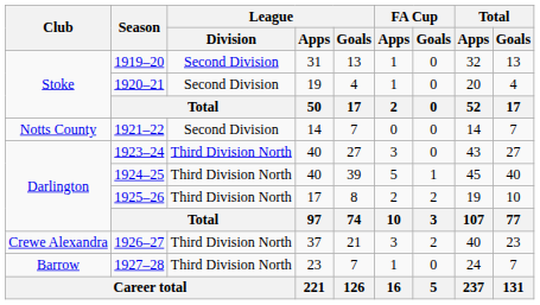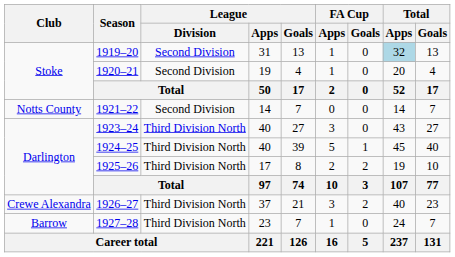 <table class="wikitable" style="text-align: center;">
 <tr>
 <th rowspan="2">Club</th>
 <th rowspan="2">Season</th>
 <th colspan="3">League</th>
 <th colspan="2">FA Cup</th>
 <th colspan="2">Total</th>
 </tr>
 <tr>
 <th>Division</th>
 <th>Apps</th>
 <th>Goals</th>
 <th>Apps</th>
 <th>Goals</th>
 <th>Apps</th>
 <th>Goals</th>
 </tr>
 <tr>
 <td rowspan="3"><a href='#'>Stoke</a></td>
 <td><a href='#'>1919–20</a></td>
 <td><a href='#'>Second Division</a></td>
 <td>31</td>
 <td>13</td>
 <td>1</td>
 <td>0</td>
-<td>32</td>
+<td style="background: lightblue;">32</td>
 <td>13</td>
 </tr>
 <tr>
 <td><a href='#'>1920–21</a></td>
 <td>Second Division</td>
 <td>19</td>
 <td>4</td>
 <td>1</td>
 <td>0</td>
 <td>20</td>
 <td>4</td>
 </tr>
 <tr>
 <th colspan="2">Total</th>
 <th>50</th>
 <th>17</th>
 <th>2</th>
 <th>0</th>
 <th>52</th>
 <th>17</th>
 </tr>
 <tr>
 <td><a href='#'>Notts County</a></td>
 <td><a href='#'>1921–22</a></td>
 <td>Second Division</td>
 <td>14</td>
 <td>7</td>
 <td>0</td>
 <td>0</td>
 <td>14</td>
 <td>7</td>
 </tr>
 <tr>
 <td rowspan="4"><a href='#'>Darlington</a></td>
 <td><a href='#'>1923–24</a></td>
 <td><a href='#'>Third Division North</a></td>
 <td>40</td>
 <td>27</td>
 <td>3</td>
 <td>0</td>
 <td>43</td>
 <td>27</td>
 </tr>
 <tr>
 <td><a href='#'>1924–25</a></td>
 <td>Third Division North</td>
 <td>40</td>
 <td>39</td>
 <td>5</td>
 <td>1</td>
 <td>45</td>
 <td>40</td>
 </tr>
 <tr>
 <td><a href='#'>1925–26</a></td>
 <td>Third Division North</td>
 <td>17</td>
 <td>8</td>
 <td>2</td>
 <td>2</td>
 <td>19</td>
 <td>10</td>
 </tr>
 <tr>
 <th colspan="2">Total</th>
 <th>97</th>
 <th>74</th>
 <th>10</th>
 <th>3</th>
 <th>107</th>
 <th>77</th>
 </tr>
 <tr>
 <td><a href='#'>Crewe Alexandra</a></td>
 <td><a href='#'>1926–27</a></td>
 <td>Third Division North</td>
 <td>37</td>
 <td>21</td>
 <td>3</td>
 <td>2</td>
 <td>40</td>
 <td>23</td>
 </tr>
 <tr>
 <td><a href='#'>Barrow</a></td>
 <td><a href='#'>1927–28</a></td>
 <td>Third Division North</td>
 <td>23</td>
 <td>7</td>
 <td>1</td>
 <td>0</td>
 <td>24</td>
 <td>7</td>
 </tr>
 <tr>
 <th colspan="3">Career total</th>
 <th>221</th>
 <th>126</th>
 <th>16</th>
 <th>5</th>
 <th>237</th>
 <th>131</th>
 </tr>
 </table>
